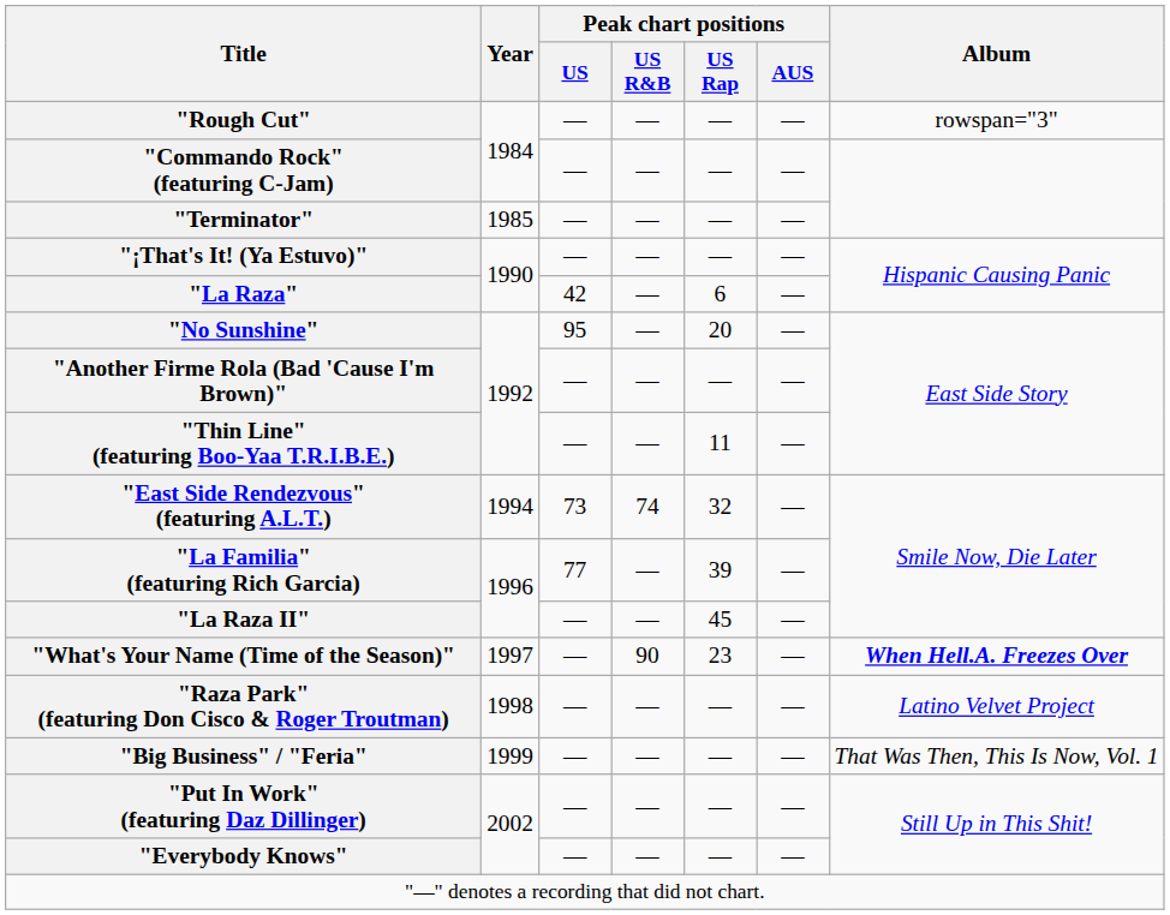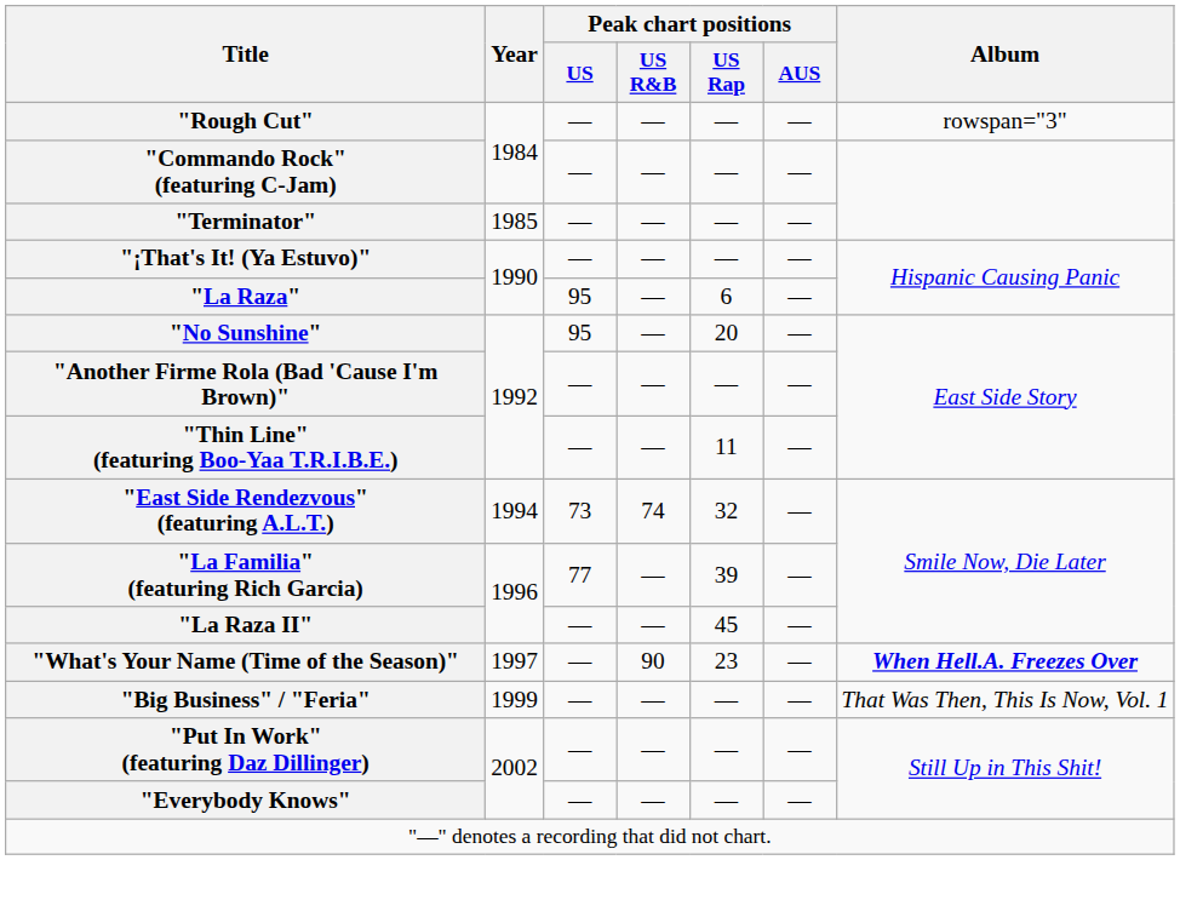 <table class="wikitable plainrowheaders" style="text-align:center;">
 <tr>
 <th scope="col" rowspan="2" style="width:20em;">Title</th>
 <th scope="col" rowspan="2">Year</th>
 <th scope="col" colspan="4">Peak chart positions</th>
 <th scope="col" rowspan="2">Album</th>
 </tr>
 <tr>
 <th scope="col" style="width:3em;font-size:90%;"><a href='#'>US</a><br></th>
 <th scope="col" style="width:3em;font-size:90%;"><a href='#'>US<br>R&B</a><br></th>
 <th scope="col" style="width:3em;font-size:90%;"><a href='#'>US<br>Rap</a><br></th>
 <th scope="col" style="width:3em;font-size:90%;"><a href='#'>AUS</a><br></th>
 </tr>
 <tr>
 <th scope="row">"Rough Cut"</th>
 <td rowspan="2">1984</td>
 <td>—</td>
 <td>—</td>
 <td>—</td>
 <td>—</td>
 <td>rowspan="3" </td>
 </tr>
 <tr>
 <th scope="row">"Commando Rock"<br><span>(featuring C-Jam)</span></th>
 <td>—</td>
 <td>—</td>
 <td>—</td>
 <td>—</td>
 </tr>
 <tr>
 <th scope="row">"Terminator"</th>
 <td>1985</td>
 <td>—</td>
 <td>—</td>
 <td>—</td>
 <td>—</td>
 </tr>
 <tr>
 <th scope="row">"¡That's It! (Ya Estuvo)"</th>
 <td rowspan="2">1990</td>
 <td>—</td>
 <td>—</td>
 <td>—</td>
 <td>—</td>
 <td rowspan="2"><em><a href='#'>Hispanic Causing Panic</a></em></td>
 </tr>
 <tr>
 <th scope="row">"<a href='#'>La Raza</a>"</th>
-<td>42</td>
+<td>95</td>
 <td>—</td>
 <td>6</td>
 <td>—</td>
 </tr>
 <tr>
 <th scope="row">"<a href='#'>No Sunshine</a>"</th>
 <td rowspan="3">1992</td>
 <td>95</td>
 <td>—</td>
 <td>20</td>
 <td>—</td>
 <td rowspan="3"><a href='#'><em>East Side Story</em></a></td>
 </tr>
 <tr>
 <th scope="row">"Another Firme Rola (Bad 'Cause I'm Brown)"</th>
 <td>—</td>
 <td>—</td>
 <td>—</td>
 <td>—</td>
 </tr>
 <tr>
 <th scope="row">"Thin Line"<br><span>(featuring <a href='#'>Boo-Yaa T.R.I.B.E.</a>)</span></th>
 <td>—</td>
 <td>—</td>
 <td>11</td>
 <td>—</td>
 </tr>
 <tr>
 <th scope="row">"<a href='#'>East Side Rendezvous</a>"<br><span>(featuring <a href='#'>A.L.T.</a>)</span></th>
 <td>1994</td>
 <td>73</td>
 <td>74</td>
 <td>32</td>
 <td>—</td>
 <td rowspan="3"><em><a href='#'>Smile Now, Die Later</a></em></td>
 </tr>
 <tr>
 <th scope="row">"<a href='#'>La Familia</a>"<br><span>(featuring Rich Garcia)</span></th>
 <td rowspan="2">1996</td>
 <td>77</td>
 <td>—</td>
 <td>39</td>
 <td>—</td>
 </tr>
 <tr>
 <th scope="row">"La Raza II"</th>
 <td>—</td>
 <td>—</td>
 <td>45</td>
 <td>—</td>
 </tr>
 <tr>
 <th scope="row">"What's Your Name (Time of the Season)"</th>
 <td>1997</td>
 <td>—</td>
 <td>90</td>
 <td>23</td>
 <td>—</td>
 <td><strong><em><a href='#'>When Hell.A. Freezes Over</a></em></strong></td>
 </tr>
 <tr>
-<th scope="row">"Raza Park"<br><span>(featuring Don Cisco & <a href='#'>Roger Troutman</a>)</span></th>
-<td>1998</td>
-<td>—</td>
-<td>—</td>
-<td>—</td>
-<td>—</td>
-<td><em><a href='#'>Latino Velvet Project</a></em></td>
-</tr>
-<tr>
 <th scope="row">"Big Business" / "Feria"</th>
 <td>1999</td>
 <td>—</td>
 <td>—</td>
 <td>—</td>
 <td>—</td>
 <td><em>That Was Then, This Is Now, Vol. 1</em></td>
 </tr>
 <tr>
 <th scope="row">"Put In Work"<br><span>(featuring <a href='#'>Daz Dillinger</a>)</span></th>
 <td rowspan="2">2002</td>
 <td>—</td>
 <td>—</td>
 <td>—</td>
 <td>—</td>
 <td rowspan="2"><em><a href='#'>Still Up in This Shit!</a></em></td>
 </tr>
 <tr>
 <th scope="row">"Everybody Knows"</th>
 <td>—</td>
 <td>—</td>
 <td>—</td>
 <td>—</td>
 </tr>
 <tr>
 <td colspan="7" style="font-size:90%">"—" denotes a recording that did not chart.</td>
 </tr>
 </table>
